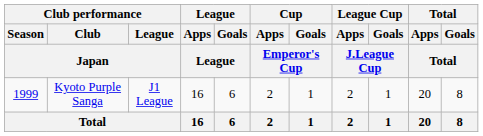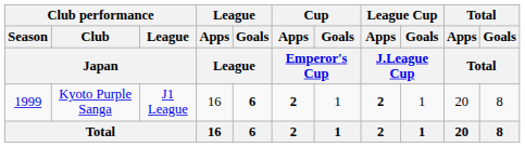 <table class="wikitable" style="text-align:center;">
 <tr>
 <th colspan=3>Club performance</th>
 <th colspan=2>League</th>
 <th colspan=2>Cup</th>
 <th colspan=2>League Cup</th>
 <th colspan=2>Total</th>
 </tr>
 <tr>
 <th>Season</th>
 <th>Club</th>
 <th>League</th>
 <th>Apps</th>
 <th>Goals</th>
 <th>Apps</th>
 <th>Goals</th>
 <th>Apps</th>
 <th>Goals</th>
 <th>Apps</th>
 <th>Goals</th>
 </tr>
 <tr>
 <th colspan=3>Japan</th>
 <th colspan=2>League</th>
 <th colspan=2><a href='#'>Emperor's Cup</a></th>
 <th colspan=2><a href='#'>J.League Cup</a></th>
 <th colspan=2>Total</th>
 </tr>
 <tr>
 <td><a href='#'>1999</a></td>
 <td><a href='#'>Kyoto Purple Sanga</a></td>
 <td><a href='#'>J1 League</a></td>
 <td>16</td>
-<td>6</td>
-<td>2</td>
+<td><strong>6</strong></td>
+<td><strong>2</strong></td>
 <td>1</td>
-<td>2</td>
+<td><strong>2</strong></td>
 <td>1</td>
 <td>20</td>
 <td>8</td>
 </tr>
 <tr>
 <th colspan=3>Total</th>
 <th>16</th>
 <th>6</th>
 <th>2</th>
 <th>1</th>
 <th>2</th>
 <th>1</th>
 <th>20</th>
 <th>8</th>
 </tr>
 </table>
